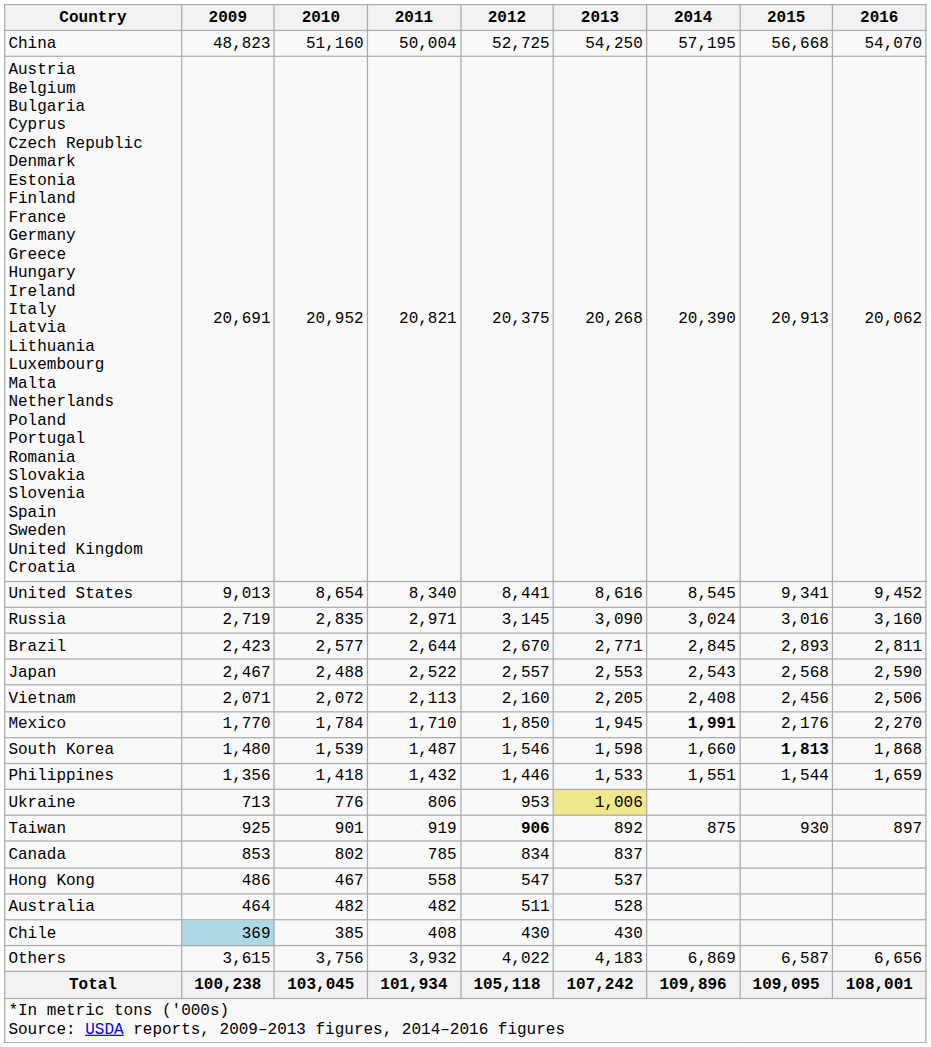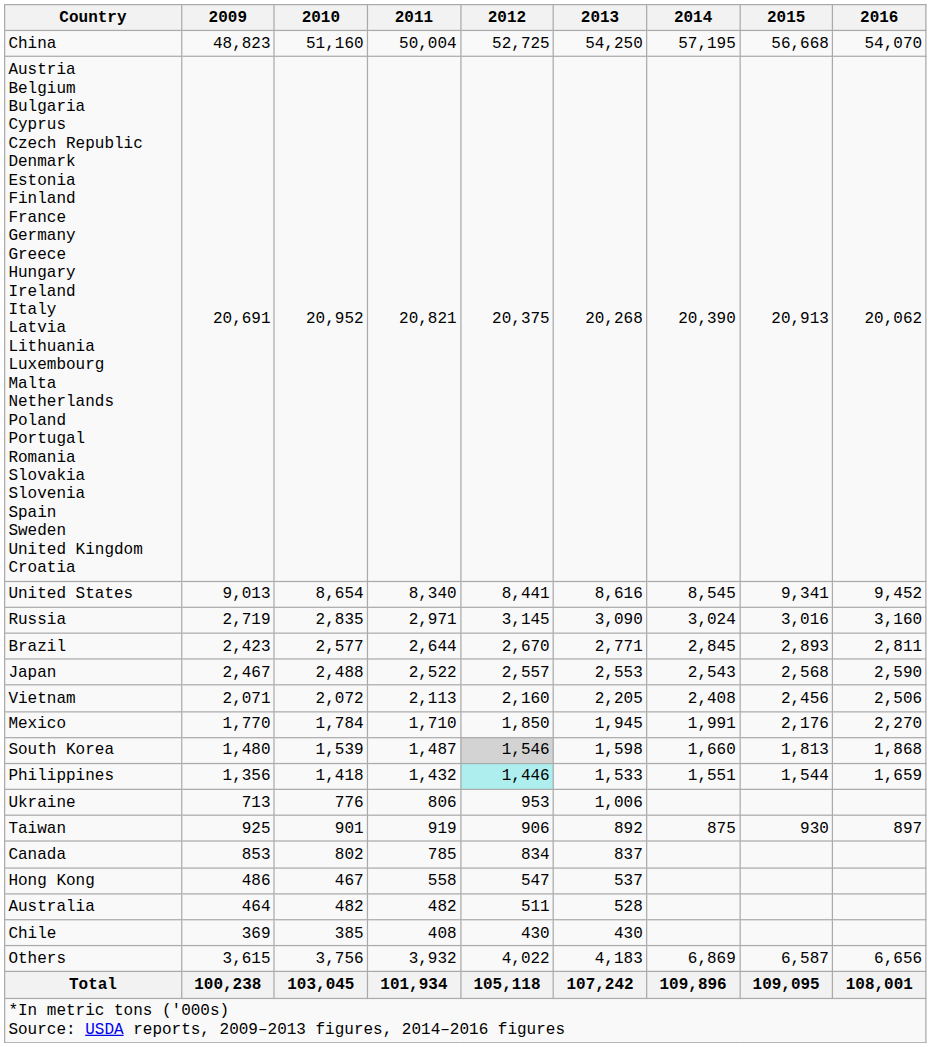 <table class="wikitable sortable" style="text-align:right;" width=750px;>
 <tr>
 <th>Country</th>
 <th>2009</th>
 <th>2010</th>
 <th>2011</th>
 <th>2012</th>
 <th>2013</th>
 <th>2014</th>
 <th>2015</th>
 <th>2016</th>
 </tr>
 <tr>
 <td align=left>China</td>
 <td>48,823</td>
 <td>51,160</td>
 <td>50,004</td>
 <td>52,725</td>
 <td>54,250</td>
 <td>57,195</td>
 <td>56,668</td>
 <td>54,070</td>
 </tr>
 <tr>
 <td align=left> Austria<br>Belgium<br>Bulgaria<br>Cyprus<br>Czech Republic<br>Denmark<br>Estonia<br>Finland<br>France<br>Germany<br>Greece<br>Hungary<br>Ireland<br>Italy<br>Latvia<br>Lithuania<br>Luxembourg<br>Malta<br>Netherlands<br>Poland<br>Portugal<br>Romania<br>Slovakia<br>Slovenia<br>Spain<br>Sweden<br>United Kingdom<br>Croatia<br></td>
 <td>20,691</td>
 <td>20,952</td>
 <td>20,821</td>
 <td>20,375</td>
 <td>20,268</td>
 <td>20,390</td>
 <td>20,913</td>
 <td>20,062</td>
 </tr>
 <tr>
 <td align=left>United States</td>
 <td>9,013</td>
 <td>8,654</td>
 <td>8,340</td>
 <td>8,441</td>
 <td>8,616</td>
 <td>8,545</td>
 <td>9,341</td>
 <td>9,452</td>
 </tr>
 <tr>
 <td align=left>Russia</td>
 <td>2,719</td>
 <td>2,835</td>
 <td>2,971</td>
 <td>3,145</td>
 <td>3,090</td>
 <td>3,024</td>
 <td>3,016</td>
 <td>3,160</td>
 </tr>
 <tr>
 <td align=left>Brazil</td>
 <td>2,423</td>
 <td>2,577</td>
 <td>2,644</td>
 <td>2,670</td>
 <td>2,771</td>
 <td>2,845</td>
 <td>2,893</td>
 <td>2,811</td>
 </tr>
 <tr>
 <td align=left>Japan</td>
 <td>2,467</td>
 <td>2,488</td>
 <td>2,522</td>
 <td>2,557</td>
 <td>2,553</td>
 <td>2,543</td>
 <td>2,568</td>
 <td>2,590</td>
 </tr>
 <tr>
 <td align=left>Vietnam</td>
 <td>2,071</td>
 <td>2,072</td>
 <td>2,113</td>
 <td>2,160</td>
 <td>2,205</td>
 <td>2,408</td>
 <td>2,456</td>
 <td>2,506</td>
 </tr>
 <tr>
 <td align=left>Mexico</td>
 <td>1,770</td>
 <td>1,784</td>
 <td>1,710</td>
 <td>1,850</td>
 <td>1,945</td>
-<td><strong>1,991</strong></td>
+<td>1,991</td>
 <td>2,176</td>
 <td>2,270</td>
 </tr>
 <tr>
 <td align=left>South Korea</td>
 <td>1,480</td>
 <td>1,539</td>
 <td>1,487</td>
-<td>1,546</td>
+<td style="background: lightgrey;">1,546</td>
 <td>1,598</td>
 <td>1,660</td>
-<td><strong>1,813</strong></td>
+<td>1,813</td>
 <td>1,868</td>
 </tr>
 <tr>
 <td align=left>Philippines</td>
 <td>1,356</td>
 <td>1,418</td>
 <td>1,432</td>
-<td>1,446</td>
+<td style="background: paleturquoise;">1,446</td>
 <td>1,533</td>
 <td>1,551</td>
 <td>1,544</td>
 <td>1,659</td>
 </tr>
 <tr>
 <td align=left>Ukraine</td>
 <td>713</td>
 <td>776</td>
 <td>806</td>
 <td>953</td>
-<td style="background: khaki;">1,006</td>
+<td>1,006</td>
 <td></td>
 <td></td>
 <td></td>
 </tr>
 <tr>
 <td align=left>Taiwan</td>
 <td>925</td>
 <td>901</td>
 <td>919</td>
-<td><strong>906</strong></td>
+<td>906</td>
 <td>892</td>
 <td>875</td>
 <td>930</td>
 <td>897</td>
 </tr>
 <tr>
 <td align=left>Canada</td>
 <td>853</td>
 <td>802</td>
 <td>785</td>
 <td>834</td>
 <td>837</td>
 <td></td>
 <td></td>
 <td></td>
 </tr>
 <tr>
 <td align=left>Hong Kong</td>
 <td>486</td>
 <td>467</td>
 <td>558</td>
 <td>547</td>
 <td>537</td>
 <td></td>
 <td></td>
 <td></td>
 </tr>
 <tr>
 <td align=left>Australia</td>
 <td>464</td>
 <td>482</td>
 <td>482</td>
 <td>511</td>
 <td>528</td>
 <td></td>
 <td></td>
 <td></td>
 </tr>
 <tr>
 <td align=left>Chile</td>
-<td style="background: lightblue;">369</td>
+<td>369</td>
 <td>385</td>
 <td>408</td>
 <td>430</td>
 <td>430</td>
 <td></td>
 <td></td>
 <td></td>
 </tr>
 <tr>
 <td align=left>Others</td>
 <td>3,615</td>
 <td>3,756</td>
 <td>3,932</td>
 <td>4,022</td>
 <td>4,183</td>
 <td>6,869</td>
 <td>6,587</td>
 <td>6,656</td>
 </tr>
 <tr class=sortbottom>
 <th align=left><strong>Total</strong></th>
 <th><strong>100,238</strong></th>
 <th><strong>103,045</strong></th>
 <th><strong>101,934</strong></th>
 <th><strong>105,118</strong></th>
 <th><strong>107,242</strong></th>
 <th><strong>109,896</strong></th>
 <th><strong>109,095</strong></th>
 <th><strong>108,001</strong></th>
 </tr>
 <tr class=sortbottom>
 <td align=left colspan="9">*In metric tons ('000s) <br>Source: <a href='#'>USDA</a> reports, 2009–2013 figures, 2014–2016 figures</td>
 </tr>
 </table>
